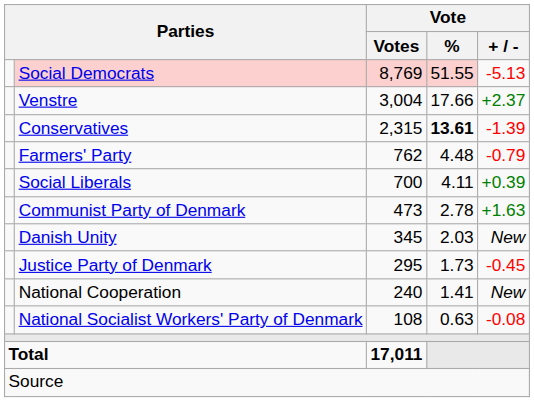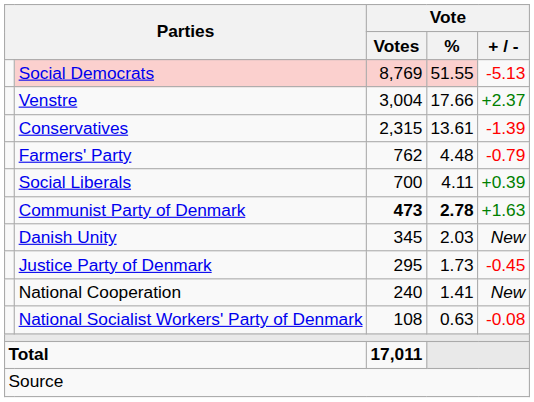 <table class="wikitable" style="text-align:right;">
 <tr>
 <th style="text-align:centre;" rowspan="2" colspan="2" width="225">Parties</th>
 <th colspan="3">Vote</th>
 </tr>
 <tr>
 <th width="15">Votes</th>
 <th width="15">%</th>
 <th width="15">+ / -</th>
 </tr>
 <tr>
 <td width="2" style="color:inherit;background:"></td>
 <td bgcolor=#fbd0ce  align="left"><a href='#'>Social Democrats</a></td>
 <td bgcolor=#fbd0ce>8,769</td>
 <td bgcolor=#fbd0ce>51.55</td>
 <td style=color:red;>-5.13</td>
 </tr>
 <tr>
 <td width="2" style="color:inherit;background:"></td>
 <td align="left"><a href='#'>Venstre</a></td>
 <td>3,004</td>
 <td>17.66</td>
 <td style=color:green;>+2.37</td>
 </tr>
 <tr>
 <td width="2" style="color:inherit;background:"></td>
 <td align="left"><a href='#'>Conservatives</a></td>
 <td>2,315</td>
-<td><strong>13.61</strong></td>
+<td>13.61</td>
 <td style=color:red;>-1.39</td>
 </tr>
 <tr>
 <td width="2" style="color:inherit;background:"></td>
 <td align="left"><a href='#'>Farmers' Party</a></td>
 <td>762</td>
 <td>4.48</td>
 <td style=color:red;>-0.79</td>
 </tr>
 <tr>
 <td width="2" style="color:inherit;background:"></td>
 <td align="left"><a href='#'>Social Liberals</a></td>
 <td>700</td>
 <td>4.11</td>
 <td style=color:green;>+0.39</td>
 </tr>
 <tr>
 <td width="2" style="color:inherit;background:"></td>
 <td align="left"><a href='#'>Communist Party of Denmark</a></td>
-<td>473</td>
-<td>2.78</td>
+<td><strong>473</strong></td>
+<td><strong>2.78</strong></td>
 <td style=color:green;>+1.63</td>
 </tr>
 <tr>
 <td width="2" style="color:inherit;background:"></td>
 <td align="left"><a href='#'>Danish Unity</a></td>
 <td>345</td>
 <td>2.03</td>
 <td><em>New</em></td>
 </tr>
 <tr>
 <td width="2" style="color:inherit;background:"></td>
 <td align="left"><a href='#'>Justice Party of Denmark</a></td>
 <td>295</td>
 <td>1.73</td>
 <td style=color:red;>-0.45</td>
 </tr>
 <tr>
 <td width="2" style="color:inherit;background:"></td>
 <td align="left">National Cooperation</td>
 <td>240</td>
 <td>1.41</td>
 <td><em>New</em></td>
 </tr>
 <tr>
 <td width="2" style="color:inherit;background:"></td>
 <td align="left"><a href='#'>National Socialist Workers' Party of Denmark</a></td>
 <td>108</td>
 <td>0.63</td>
 <td style=color:red;>-0.08</td>
 </tr>
 <tr>
 <td colspan="7" bgcolor="#E9E9E9"></td>
 </tr>
 <tr>
 <td align="left" colspan="2"><strong>Total</strong></td>
 <td><strong>17,011</strong></td>
 <td bgcolor="#E9E9E9" colspan="2"></td>
 </tr>
 <tr>
 <td align="left" colspan="6">Source</td>
 </tr>
 </table>
